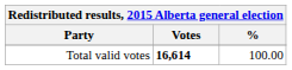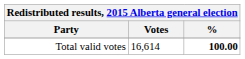 <table class="wikitable">
 <tr>
 <th colspan="5" align=center>Redistributed results, <a href='#'>2015 Alberta general election</a></th>
 </tr>
 <tr>
 <th colspan=2>Party</th>
 <th>Votes</th>
 <th>%</th>
 </tr>
 <tr>
 </tr>
 <tr>
 <td colspan=2 align=right bgcolor=white>Total valid votes</td>
-<td bgcolor=white><strong>16,614</strong></td>
-<td bgcolor=white align=right>100.00<br></td>
+<td bgcolor=white>16,614</td>
+<td bgcolor=white align=right><strong>100.00<br></strong></td>
 </tr>
 </table>
